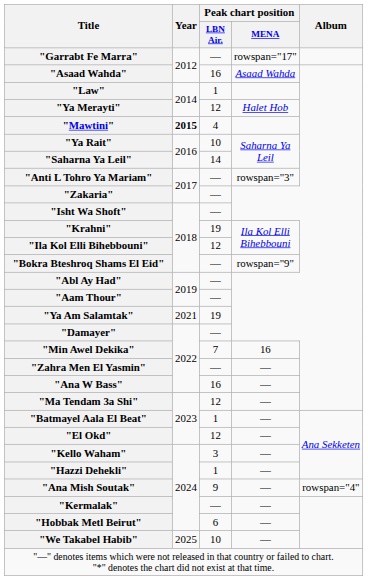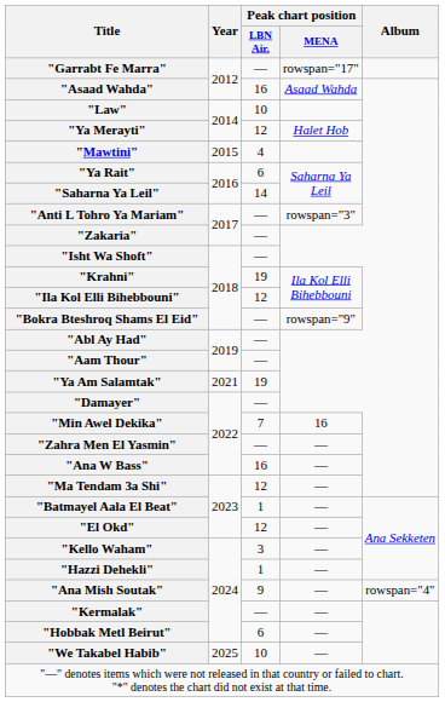 <table class="wikitable plainrowheaders" style="text-align:center;">
 <tr>
 <th scope="col" rowspan="2" style="width:15em;">Title</th>
 <th scope="col" rowspan="2" style="width:1em;">Year</th>
 <th colspan="2">Peak chart position</th>
 <th scope="col" rowspan="2">Album</th>
 </tr>
 <tr>
 <th scope="col" style="width:3em;font-size:85%;"><a href='#'>LBN<br>Air.</a><br></th>
 <th scope="col" style="width:3em;font-size:85%;"><a href='#'>MENA</a><br></th>
 </tr>
 <tr>
 <th scope="row">"Garrabt Fe Marra"</th>
 <td rowspan="2">2012</td>
 <td>—</td>
 <td>rowspan="17" </td>
 <td></td>
 </tr>
 <tr>
 <th scope="row">"Asaad Wahda"</th>
 <td>16</td>
 <td><em><a href='#'>Asaad Wahda</a></em></td>
 </tr>
 <tr>
 <th scope="row">"Law"</th>
 <td rowspan="2">2014</td>
-<td>1</td>
+<td>10</td>
 <td></td>
 </tr>
 <tr>
 <th scope="row">"Ya Merayti"</th>
 <td>12</td>
 <td><em><a href='#'>Halet Hob</a></em></td>
 </tr>
 <tr>
 <th scope="row">"<a href='#'>Mawtini</a>"</th>
-<td><strong>2015</strong></td>
+<td>2015</td>
 <td>4</td>
 <td></td>
 </tr>
 <tr>
 <th scope="row">"Ya Rait"</th>
 <td rowspan="2">2016</td>
-<td>10</td>
+<td>6</td>
 <td rowspan="2"><em><a href='#'>Saharna Ya Leil</a></em></td>
 </tr>
 <tr>
 <th scope="row">"Saharna Ya Leil"</th>
 <td>14</td>
 </tr>
 <tr>
 <th scope="row">"Anti L Tohro Ya Mariam"</th>
 <td rowspan="2">2017</td>
 <td>—</td>
 <td>rowspan="3" </td>
 </tr>
 <tr>
 <th scope="row">"Zakaria"</th>
 <td>—</td>
 </tr>
 <tr>
 <th scope="row">"Isht Wa Shoft"</th>
 <td rowspan="4">2018</td>
 <td>—</td>
 </tr>
 <tr>
 <th scope="row">"Krahni"</th>
 <td>19</td>
 <td rowspan="2"><em><a href='#'>Ila Kol Elli Bihebbouni</a></em></td>
 </tr>
 <tr>
 <th scope="row">"Ila Kol Elli Bihebbouni"</th>
 <td>12</td>
 </tr>
 <tr>
 <th scope="row">"Bokra Bteshroq Shams El Eid"</th>
 <td>—</td>
 <td>rowspan="9" </td>
 </tr>
 <tr>
 <th scope="row">"Abl Ay Had"</th>
 <td rowspan="2">2019</td>
 <td>—</td>
 </tr>
 <tr>
 <th scope="row">"Aam Thour"</th>
 <td>—</td>
 </tr>
 <tr>
 <th scope="row">"Ya Am Salamtak"</th>
 <td>2021</td>
 <td>19</td>
 </tr>
 <tr>
 <th scope="row">"Damayer"</th>
 <td rowspan="4">2022</td>
 <td>—</td>
 </tr>
 <tr>
 <th scope="row">"Min Awel Dekika"<br></th>
 <td>7</td>
 <td>16</td>
 </tr>
 <tr>
 <th scope="row">"Zahra Men El Yasmin"</th>
 <td>—</td>
 <td>—</td>
 </tr>
 <tr>
 <th scope="row">"Ana W Bass"</th>
 <td>16</td>
 <td>—</td>
 </tr>
 <tr>
 <th scope="row">"Ma Tendam 3a Shi"</th>
 <td rowspan="3">2023</td>
 <td>12</td>
 <td>—</td>
 </tr>
 <tr>
 <th scope="row">"Batmayel Aala El Beat"</th>
 <td>1</td>
 <td>—</td>
 <td rowspan="4"><em><a href='#'>Ana Sekketen</a></em></td>
 </tr>
 <tr>
 <th scope="row">"El Okd"</th>
 <td>12</td>
 <td>—</td>
 </tr>
 <tr>
 <th scope="row">"Kello Waham"</th>
 <td rowspan="5">2024</td>
 <td>3</td>
 <td>—</td>
 </tr>
 <tr>
 <th scope="row">"Hazzi Dehekli"</th>
 <td>1</td>
 <td>—</td>
 </tr>
 <tr>
 <th scope="row">"Ana Mish Soutak"</th>
 <td>9</td>
 <td>—</td>
 <td>rowspan="4" </td>
 </tr>
 <tr>
 <th scope="row">"Kermalak"</th>
 <td>—</td>
 <td>—</td>
 </tr>
 <tr>
 <th scope="row">"Hobbak Metl Beirut"</th>
 <td>6</td>
 <td>—</td>
 </tr>
 <tr>
 <th scope="row">"We Takabel Habib"</th>
 <td>2025</td>
 <td>10</td>
 <td>—</td>
 </tr>
 <tr>
 <td colspan="5" style="font-size:90%;">"—" denotes items which were not released in that country or failed to chart.<br>"*" denotes the chart did not exist at that time.</td>
 </tr>
 </table>
